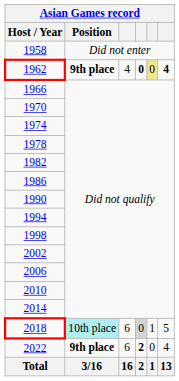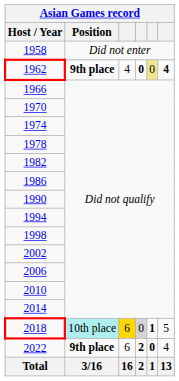 <table class="wikitable" style="text-align: center;">
 <tr>
 <th colspan=9><a href='#'>Asian Games record</a></th>
 </tr>
 <tr>
 <th>Host / Year</th>
 <th>Position</th>
 <th></th>
 <th></th>
 <th></th>
 <th></th>
 </tr>
 <tr>
 <td> <a href='#'>1958</a></td>
 <td colspan=9><em>Did not enter</em></td>
 </tr>
 <tr>
 <td style="border: 3px solid red"> <a href='#'>1962</a></td>
 <td><strong>9th place</strong></td>
 <td>4</td>
 <td><strong>0</strong></td>
 <td style="background: khaki;">0</td>
 <td><strong>4</strong></td>
 </tr>
 <tr>
 <td> <a href='#'>1966</a></td>
 <td colspan=8 rowspan="13"><em>Did not qualify</em></td>
 </tr>
 <tr>
 <td> <a href='#'>1970</a></td>
 </tr>
 <tr>
 <td> <a href='#'>1974</a></td>
 </tr>
 <tr>
 <td> <a href='#'>1978</a></td>
 </tr>
 <tr>
 <td> <a href='#'>1982</a></td>
 </tr>
 <tr>
 <td> <a href='#'>1986</a></td>
 </tr>
 <tr>
 <td> <a href='#'>1990</a></td>
 </tr>
 <tr>
 <td> <a href='#'>1994</a></td>
 </tr>
 <tr>
 <td> <a href='#'>1998</a></td>
 </tr>
 <tr>
 <td> <a href='#'>2002</a></td>
 </tr>
 <tr>
 <td> <a href='#'>2006</a></td>
 </tr>
 <tr>
 <td> <a href='#'>2010</a></td>
 </tr>
 <tr>
 <td> <a href='#'>2014</a></td>
 </tr>
 <tr>
 <td style="border: 3px solid red"> <a href='#'>2018</a></td>
 <td style="background: paleturquoise;">10th place</td>
-<td>6</td>
+<td style="background: gold;">6</td>
 <td style="background: lightgrey;">0</td>
-<td>1</td>
+<td><strong>1</strong></td>
 <td>5</td>
 </tr>
 <tr>
 <td> <a href='#'>2022</a></td>
 <td><strong>9th place</strong></td>
 <td>6</td>
 <td><strong>2</strong></td>
-<td>0</td>
+<td><strong>0</strong></td>
 <td>4</td>
 </tr>
 <tr>
 <th>Total</th>
 <th>3/16</th>
 <th>16</th>
 <th>2</th>
 <th>1</th>
 <th>13</th>
 </tr>
 </table>
